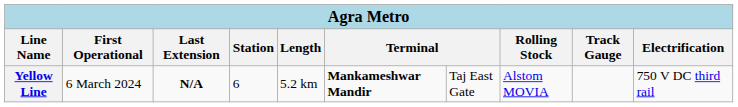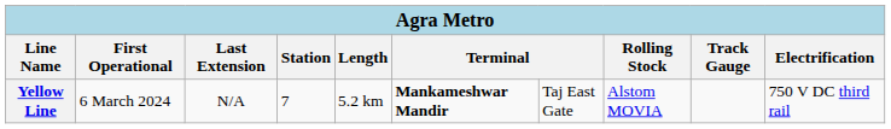 <table class="wikitable">
 <tr>
 <th style="background:#add8e6;" colspan="12"><big>Agra Metro</big></th>
 </tr>
 <tr>
 <th>Line Name</th>
 <th>First Operational</th>
 <th>Last Extension</th>
 <th>Station</th>
 <th>Length</th>
 <th colspan="2">Terminal</th>
 <th>Rolling Stock</th>
 <th>Track Gauge</th>
 <th>Electrification</th>
 </tr>
 <tr>
 <th style="background:#"><a href='#'><span>Yellow Line</span></a></th>
 <td>6 March 2024</td>
-<td align=center><strong>N/A</strong></td>
-<td>6</td>
+<td align=center>N/A</td>
+<td>7</td>
 <td>5.2 km</td>
 <td><strong>Mankameshwar Mandir</strong></td>
 <td>Taj East Gate</td>
 <td><a href='#'>Alstom</a> <a href='#'>MOVIA</a></td>
 <td></td>
 <td>750 V DC <a href='#'>third rail</a></td>
 </tr>
 </table>
